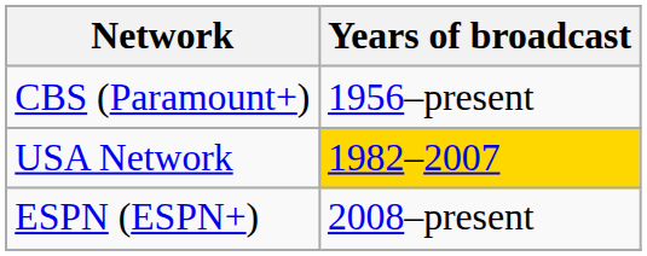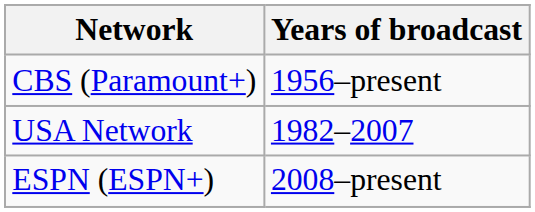 <table class="wikitable">
 <tr>
 <th>Network</th>
 <th>Years of broadcast</th>
 </tr>
 <tr>
 <td><a href='#'>CBS</a> (<a href='#'>Paramount+</a>)</td>
 <td><a href='#'>1956</a>–present</td>
 </tr>
 <tr>
 <td><a href='#'>USA Network</a></td>
-<td style="background: gold;"><a href='#'>1982</a>–<a href='#'>2007</a></td>
+<td><a href='#'>1982</a>–<a href='#'>2007</a></td>
 </tr>
 <tr>
 <td><a href='#'>ESPN</a> (<a href='#'>ESPN+</a>)</td>
 <td><a href='#'>2008</a>–present</td>
 </tr>
 </table>
